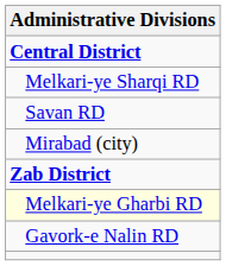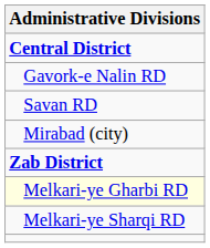 <table class="wikitable">
 <tr>
 <th>Administrative Divisions</th>
 </tr>
 <tr>
 <td><strong><a href='#'>Central District</a></strong></td>
 </tr>
 <tr>
-<td style="padding-left: 1em;"><a href='#'>Melkari-ye Sharqi RD</a></td>
+<td style="padding-left: 1em;"><a href='#'>Gavork-e Nalin RD</a></td>
 </tr>
 <tr>
 <td style="padding-left: 1em;"><a href='#'>Savan RD</a></td>
 </tr>
 <tr>
 <td style="padding-left: 1em;"><a href='#'>Mirabad</a> (city)</td>
 </tr>
 <tr>
 <td><strong><a href='#'>Zab District</a></strong></td>
 </tr>
 <tr>
 <td style="background: lightyellow; padding-left: 1em;"><a href='#'>Melkari-ye Gharbi RD</a></td>
 </tr>
 <tr>
-<td style="padding-left: 1em;"><a href='#'>Gavork-e Nalin RD</a></td>
+<td style="padding-left: 1em;"><a href='#'>Melkari-ye Sharqi RD</a></td>
 </tr>
 <tr>
 <td colspan=1></td>
 </tr>
 </table>
